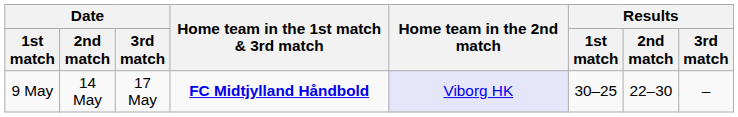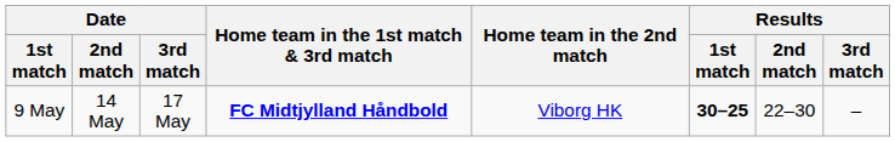 <table class="wikitable" style="text-align:center; margin-left:1em;">
 <tr>
 <th colspan="3">Date</th>
 <th rowspan="2" style="width:220px;">Home team in the 1st match & 3rd match</th>
 <th rowspan="2" style="width:180px;">Home team in the 2nd match</th>
 <th colspan="3">Results</th>
 </tr>
 <tr>
 <th style="width:50px;">1st match</th>
 <th style="width:50px;">2nd match</th>
 <th style="width:50px;">3rd match</th>
 <th style="width:50px;">1st match</th>
 <th style="width:50px;">2nd match</th>
 <th style="width:50px;">3rd match</th>
 </tr>
 <tr>
 <td>9 May</td>
 <td>14 May</td>
 <td>17 May</td>
 <td><strong><a href='#'>FC Midtjylland Håndbold</a></strong></td>
-<td style="background: lavender;"><a href='#'>Viborg HK</a></td>
-<td>30–25</td>
+<td><a href='#'>Viborg HK</a></td>
+<td><strong>30–25</strong></td>
 <td>22–30</td>
 <td>–</td>
 </tr>
 </table>
